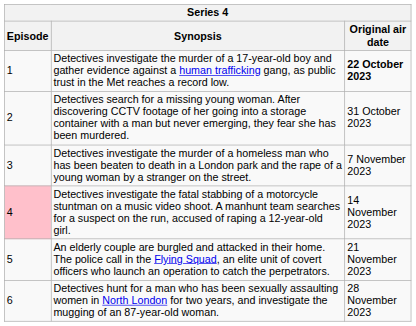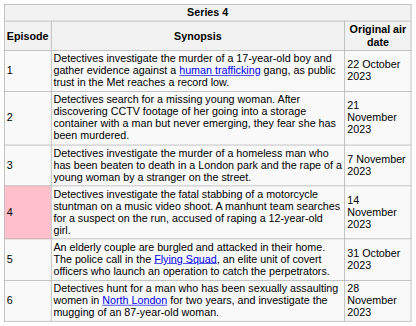 <table class="wikitable">
 <tr>
 <th colspan="3">Series 4</th>
 </tr>
 <tr>
 <th>Episode</th>
 <th>Synopsis</th>
 <th>Original air date</th>
 </tr>
 <tr>
 <td>1</td>
 <td>Detectives investigate the murder of a 17-year-old boy and gather evidence against a <a href='#'>human trafficking</a> gang, as public trust in the Met reaches a record low.</td>
-<td><strong>22 October 2023</strong></td>
+<td>22 October 2023</td>
 </tr>
 <tr>
 <td>2</td>
 <td>Detectives search for a missing young woman. After discovering CCTV footage of her going into a storage container with a man but never emerging, they fear she has been murdered.</td>
-<td>31 October 2023</td>
+<td>21 November 2023</td>
 </tr>
 <tr>
 <td>3</td>
 <td>Detectives investigate the murder of a homeless man who has been beaten to death in a London park and the rape of a young woman by a stranger on the street.</td>
 <td>7 November 2023</td>
 </tr>
 <tr>
 <td style="background: pink;">4</td>
 <td>Detectives investigate the fatal stabbing of a motorcycle stuntman on a music video shoot. A manhunt team searches for a suspect on the run, accused of raping a 12-year-old girl.</td>
 <td>14 November 2023</td>
 </tr>
 <tr>
 <td>5</td>
 <td>An elderly couple are burgled and attacked in their home. The police call in the <a href='#'>Flying Squad</a>, an elite unit of covert officers who launch an operation to catch the perpetrators.</td>
-<td>21 November 2023</td>
+<td>31 October 2023</td>
 </tr>
 <tr>
 <td>6</td>
 <td>Detectives hunt for a man who has been sexually assaulting women in <a href='#'>North London</a> for two years, and investigate the mugging of an 87-year-old woman.</td>
 <td>28 November 2023</td>
 </tr>
 </table>
